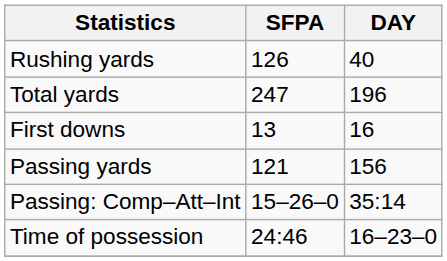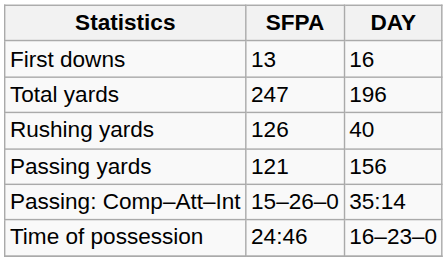 <table class="wikitable" style="float: left;">
 <tr>
 <th>Statistics</th>
 <th>SFPA</th>
 <th>DAY</th>
 </tr>
 <tr>
-<td>Rushing yards</td>
-<td>126</td>
-<td>40</td>
+<td>First downs</td>
+<td>13</td>
+<td>16</td>
 </tr>
 <tr>
 <td>Total yards</td>
 <td>247</td>
 <td>196</td>
 </tr>
 <tr>
-<td>First downs</td>
-<td>13</td>
-<td>16</td>
+<td>Rushing yards</td>
+<td>126</td>
+<td>40</td>
 </tr>
 <tr>
 <td>Passing yards</td>
 <td>121</td>
 <td>156</td>
 </tr>
 <tr>
 <td>Passing: Comp–Att–Int</td>
 <td>15–26–0</td>
 <td>35:14</td>
 </tr>
 <tr>
 <td>Time of possession</td>
 <td>24:46</td>
 <td>16–23–0</td>
 </tr>
 <tr>
 </tr>
 </table>
